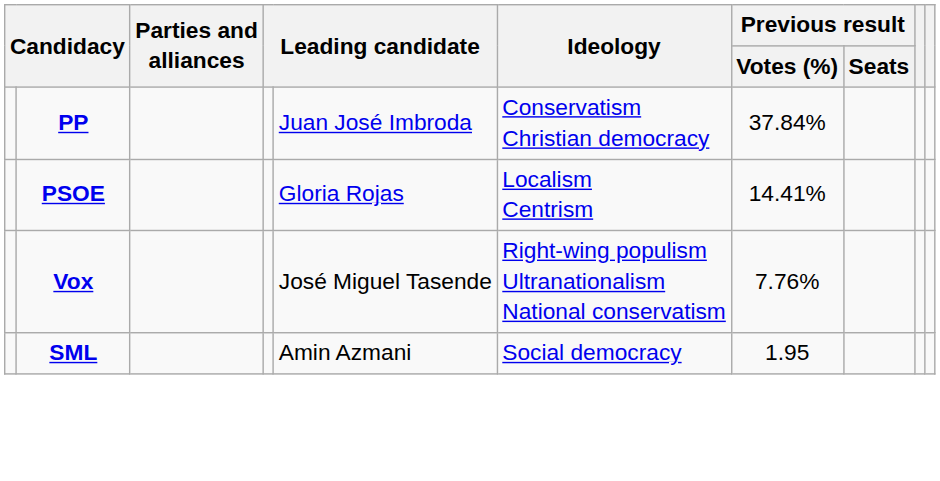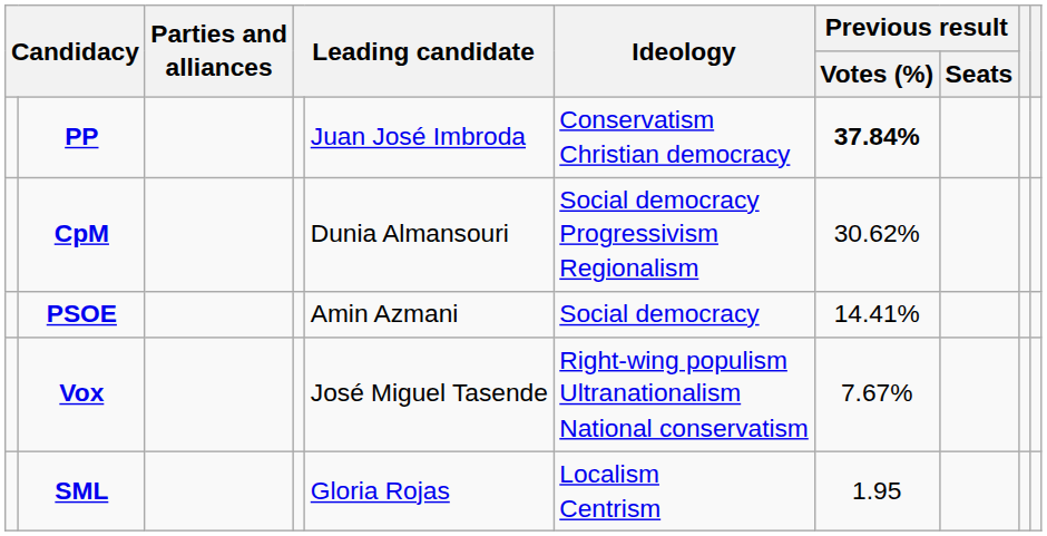 <table class="wikitable" style="line-height:1.35em; text-align:left;">
 <tr>
 <th colspan="2" rowspan="2">Candidacy</th>
 <th rowspan="2">Parties and<br>alliances</th>
 <th colspan="2" rowspan="2">Leading candidate</th>
 <th rowspan="2">Ideology</th>
 <th colspan="2">Previous result</th>
 <th rowspan="2"></th>
 <th rowspan="2"></th>
 </tr>
 <tr>
 <th>Votes (%)</th>
 <th>Seats</th>
 </tr>
 <tr>
 <td width="1" style="color:inherit;background:"></td>
 <td align="center"><strong><a href='#'>PP</a></strong></td>
 <td></td>
 <td></td>
 <td><a href='#'>Juan José Imbroda</a></td>
 <td><a href='#'>Conservatism</a><br><a href='#'>Christian democracy</a></td>
-<td align="center">37.84%</td>
+<td align="center"><strong>37.84%</strong></td>
+<td></td>
+<td></td>
+<td></td>
+</tr>
+<tr>
+<td style="color:inherit;background:"></td>
+<td align="center"><strong><a href='#'>CpM</a></strong></td>
+<td></td>
+<td></td>
+<td>Dunia Almansouri</td>
+<td><a href='#'>Social democracy</a><br><a href='#'>Progressivism</a><br><a href='#'>Regionalism</a></td>
+<td align="center">30.62%</td>
 <td></td>
 <td></td>
 <td></td>
 </tr>
 <tr>
 <td style="color:inherit;background:"></td>
 <td align="center"><strong><a href='#'>PSOE</a></strong></td>
 <td></td>
 <td></td>
-<td><a href='#'>Gloria Rojas</a></td>
-<td><a href='#'>Localism</a><br><a href='#'>Centrism</a></td>
+<td>Amin Azmani</td>
+<td><a href='#'>Social democracy</a></td>
 <td align="center">14.41%</td>
 <td></td>
 <td></td>
 <td></td>
 </tr>
 <tr>
 <td style="color:inherit;background:"></td>
 <td align="center"><strong><a href='#'>Vox</a></strong></td>
 <td></td>
 <td></td>
 <td>José Miguel Tasende</td>
 <td><a href='#'>Right-wing populism</a><br><a href='#'>Ultranationalism</a><br><a href='#'>National conservatism</a></td>
-<td align="center">7.76%</td>
+<td align="center">7.67%</td>
 <td></td>
 <td></td>
 <td></td>
 </tr>
 <tr>
 <td style="color:inherit;background:"></td>
 <td align="center"><strong><a href='#'>SML</a></strong></td>
 <td></td>
 <td></td>
-<td>Amin Azmani</td>
-<td><a href='#'>Social democracy</a></td>
+<td><a href='#'>Gloria Rojas</a></td>
+<td><a href='#'>Localism</a><br><a href='#'>Centrism</a></td>
 <td align="center">1.95</td>
 <td></td>
 <td></td>
 <td></td>
 </tr>
 </table>
